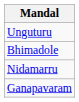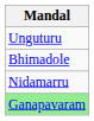 <table class="wikitable sortable static-row-numbers static-row-header-hash">
 <tr>
 <th>Mandal</th>
 </tr>
 <tr>
 <td><a href='#'>Unguturu</a></td>
 </tr>
 <tr>
 <td><a href='#'>Bhimadole</a></td>
 </tr>
 <tr>
 <td><a href='#'>Nidamarru</a></td>
 </tr>
 <tr>
-<td><a href='#'>Ganapavaram</a></td>
+<td style="background: lightgreen;"><a href='#'>Ganapavaram</a></td>
 </tr>
 </table>
